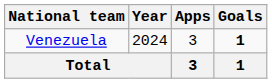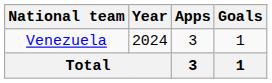 <table class="wikitable" style="text-align: center;">
 <tr>
 <th>National team</th>
 <th>Year</th>
 <th>Apps</th>
 <th>Goals</th>
 </tr>
 <tr>
 <td><a href='#'>Venezuela</a></td>
 <td>2024</td>
 <td>3</td>
-<td><strong>1</strong></td>
+<td>1</td>
 </tr>
 <tr>
 <th colspan="2">Total</th>
 <th>3</th>
 <th>1</th>
 </tr>
 </table>
